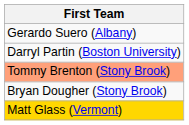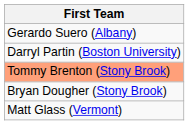 <table class="wikitable">
 <tr>
 <th>First Team</th>
 </tr>
 <tr>
 <td>Gerardo Suero (<a href='#'>Albany</a>)</td>
 </tr>
 <tr>
 <td>Darryl Partin (<a href='#'>Boston University</a>)</td>
 </tr>
 <tr>
 <td style="background: lightsalmon;">Tommy Brenton (<a href='#'>Stony Brook</a>)</td>
 </tr>
 <tr>
 <td>Bryan Dougher (<a href='#'>Stony Brook</a>)</td>
 </tr>
 <tr>
-<td style="background: gold;">Matt Glass (<a href='#'>Vermont</a>)</td>
+<td>Matt Glass (<a href='#'>Vermont</a>)</td>
 </tr>
 </table>
